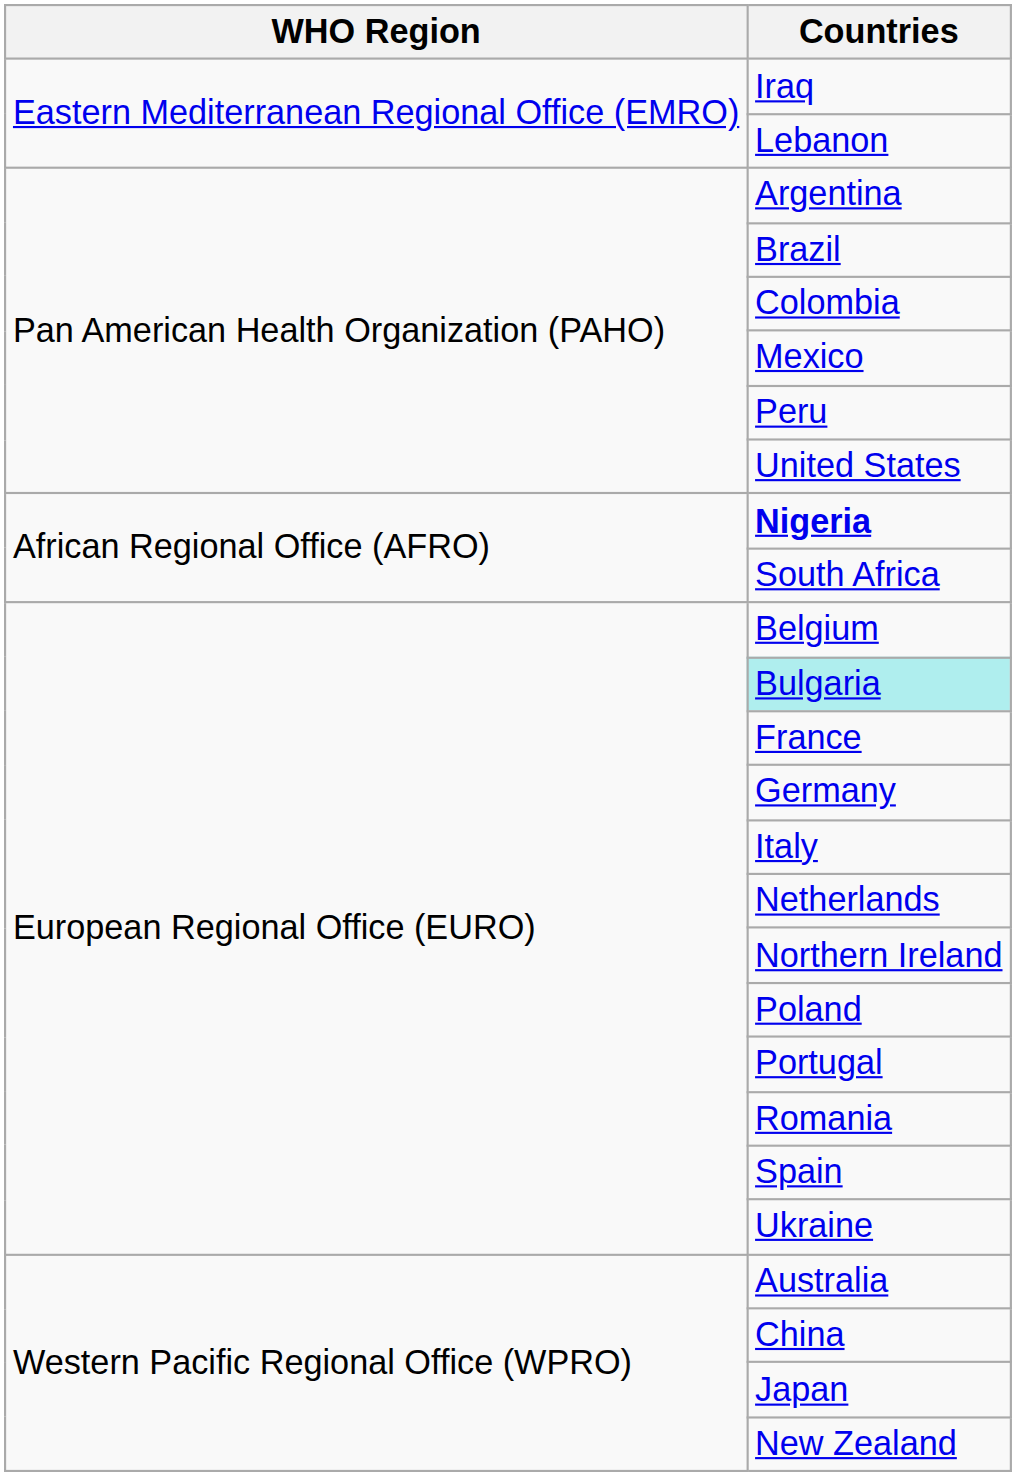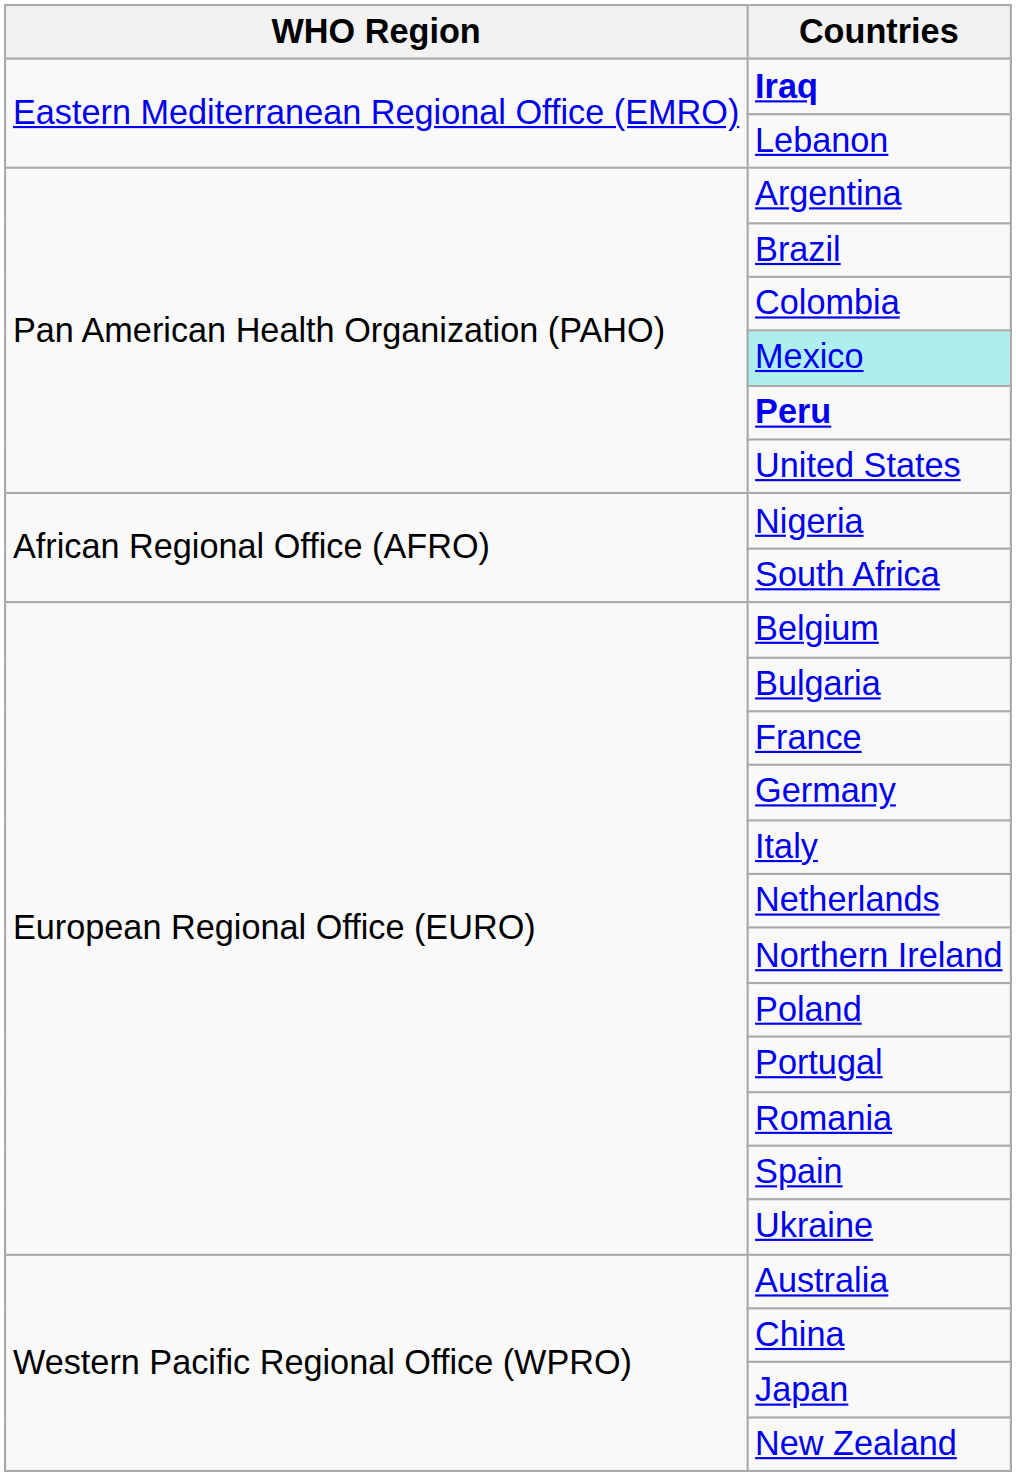 <table class="wikitable">
 <tr>
 <th>WHO Region</th>
 <th>Countries</th>
 </tr>
 <tr>
 <td rowspan="2"><a href='#'>Eastern Mediterranean Regional Office (EMRO)</a></td>
-<td><a href='#'>Iraq</a></td>
+<td><strong><a href='#'>Iraq</a></strong></td>
 </tr>
 <tr>
 <td><a href='#'>Lebanon</a></td>
 </tr>
 <tr>
 <td rowspan="6">Pan American Health Organization (PAHO)</td>
 <td><a href='#'>Argentina</a></td>
 </tr>
 <tr>
 <td><a href='#'>Brazil</a></td>
 </tr>
 <tr>
 <td><a href='#'>Colombia</a></td>
 </tr>
 <tr>
-<td><a href='#'>Mexico</a></td>
+<td style="background: paleturquoise;"><a href='#'>Mexico</a></td>
 </tr>
 <tr>
-<td><a href='#'>Peru</a></td>
+<td><strong><a href='#'>Peru</a></strong></td>
 </tr>
 <tr>
 <td><a href='#'>United States</a></td>
 </tr>
 <tr>
 <td rowspan="2">African Regional Office (AFRO)</td>
-<td><strong><a href='#'>Nigeria</a></strong></td>
+<td><a href='#'>Nigeria</a></td>
 </tr>
 <tr>
 <td><a href='#'>South Africa</a></td>
 </tr>
 <tr>
 <td rowspan="12">European Regional Office (EURO)</td>
 <td><a href='#'>Belgium</a></td>
 </tr>
 <tr>
-<td style="background: paleturquoise;"><a href='#'>Bulgaria</a></td>
+<td><a href='#'>Bulgaria</a></td>
 </tr>
 <tr>
 <td><a href='#'>France</a></td>
 </tr>
 <tr>
 <td><a href='#'>Germany</a></td>
 </tr>
 <tr>
 <td><a href='#'>Italy</a></td>
 </tr>
 <tr>
 <td><a href='#'>Netherlands</a></td>
 </tr>
 <tr>
 <td><a href='#'>Northern Ireland</a></td>
 </tr>
 <tr>
 <td><a href='#'>Poland</a></td>
 </tr>
 <tr>
 <td><a href='#'>Portugal</a></td>
 </tr>
 <tr>
 <td><a href='#'>Romania</a></td>
 </tr>
 <tr>
 <td><a href='#'>Spain</a></td>
 </tr>
 <tr>
 <td><a href='#'>Ukraine</a></td>
 </tr>
 <tr>
 <td rowspan="4">Western Pacific Regional Office (WPRO)</td>
 <td><a href='#'>Australia</a></td>
 </tr>
 <tr>
 <td><a href='#'>China</a></td>
 </tr>
 <tr>
 <td><a href='#'>Japan</a></td>
 </tr>
 <tr>
 <td><a href='#'>New Zealand</a></td>
 </tr>
 </table>
